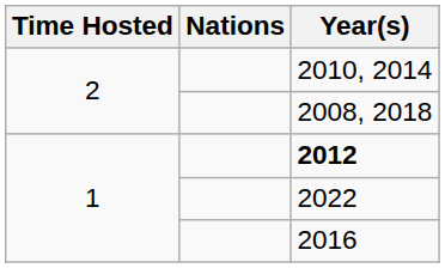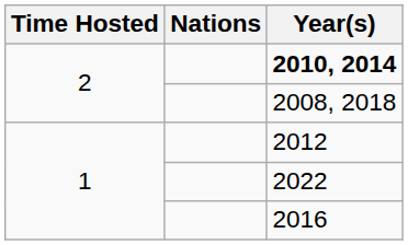 <table class="wikitable">
 <tr>
 <th>Time Hosted</th>
 <th>Nations</th>
 <th>Year(s)</th>
 </tr>
 <tr>
 <td rowspan=2 align=center>2</td>
 <td></td>
-<td>2010, 2014</td>
+<td><strong>2010, 2014</strong></td>
 </tr>
 <tr>
 <td></td>
 <td>2008, 2018</td>
 </tr>
 <tr>
 <td rowspan=3 align=center>1</td>
 <td></td>
-<td><strong>2012</strong></td>
+<td>2012</td>
 </tr>
 <tr>
 <td></td>
 <td>2022</td>
 </tr>
 <tr>
 <td></td>
 <td>2016</td>
 </tr>
 </table>
